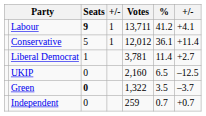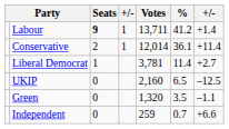 <table class="wikitable sortable">
 <tr>
 <th colspan="2">Party</th>
 <th>Seats</th>
 <th>+/-</th>
 <th>Votes</th>
 <th>%</th>
 <th>+/-</th>
 </tr>
 <tr>
 <td style="background-color: "></td>
 <td><a href='#'>Labour</a></td>
 <td><strong>9</strong></td>
 <td> 1</td>
 <td>13,711</td>
 <td>41.2</td>
-<td><span>+4.1</span></td>
+<td><span>+1.4</span></td>
 </tr>
 <tr>
 <td style="background-color: "></td>
 <td><a href='#'>Conservative</a></td>
-<td>5</td>
+<td>2</td>
 <td> 1</td>
-<td>12,012</td>
+<td>12,014</td>
 <td>36.1</td>
 <td><span>+11.4</span></td>
 </tr>
 <tr>
 <td style="background-color: "></td>
 <td><a href='#'>Liberal Democrat</a></td>
 <td>1</td>
 <td></td>
 <td>3,781</td>
 <td>11.4</td>
 <td><span>+2.7</span></td>
 </tr>
 <tr>
 <td style="background-color: "></td>
 <td><a href='#'>UKIP</a></td>
 <td>0</td>
 <td></td>
 <td>2,160</td>
 <td>6.5</td>
 <td><span>–12.5</span></td>
 </tr>
 <tr>
 <td style="background-color: "></td>
 <td><a href='#'>Green</a></td>
-<td><strong>0</strong></td>
+<td>0</td>
 <td></td>
-<td>1,322</td>
+<td>1,320</td>
 <td>3.5</td>
-<td><span>–3.7</span></td>
+<td><span>–1.1</span></td>
 </tr>
 <tr>
 <td style="background-color: "></td>
 <td><a href='#'>Independent</a></td>
 <td>0</td>
 <td></td>
 <td>259</td>
 <td>0.7</td>
-<td><span>+0.7</span></td>
+<td><span>+6.6</span></td>
 </tr>
 </table>
